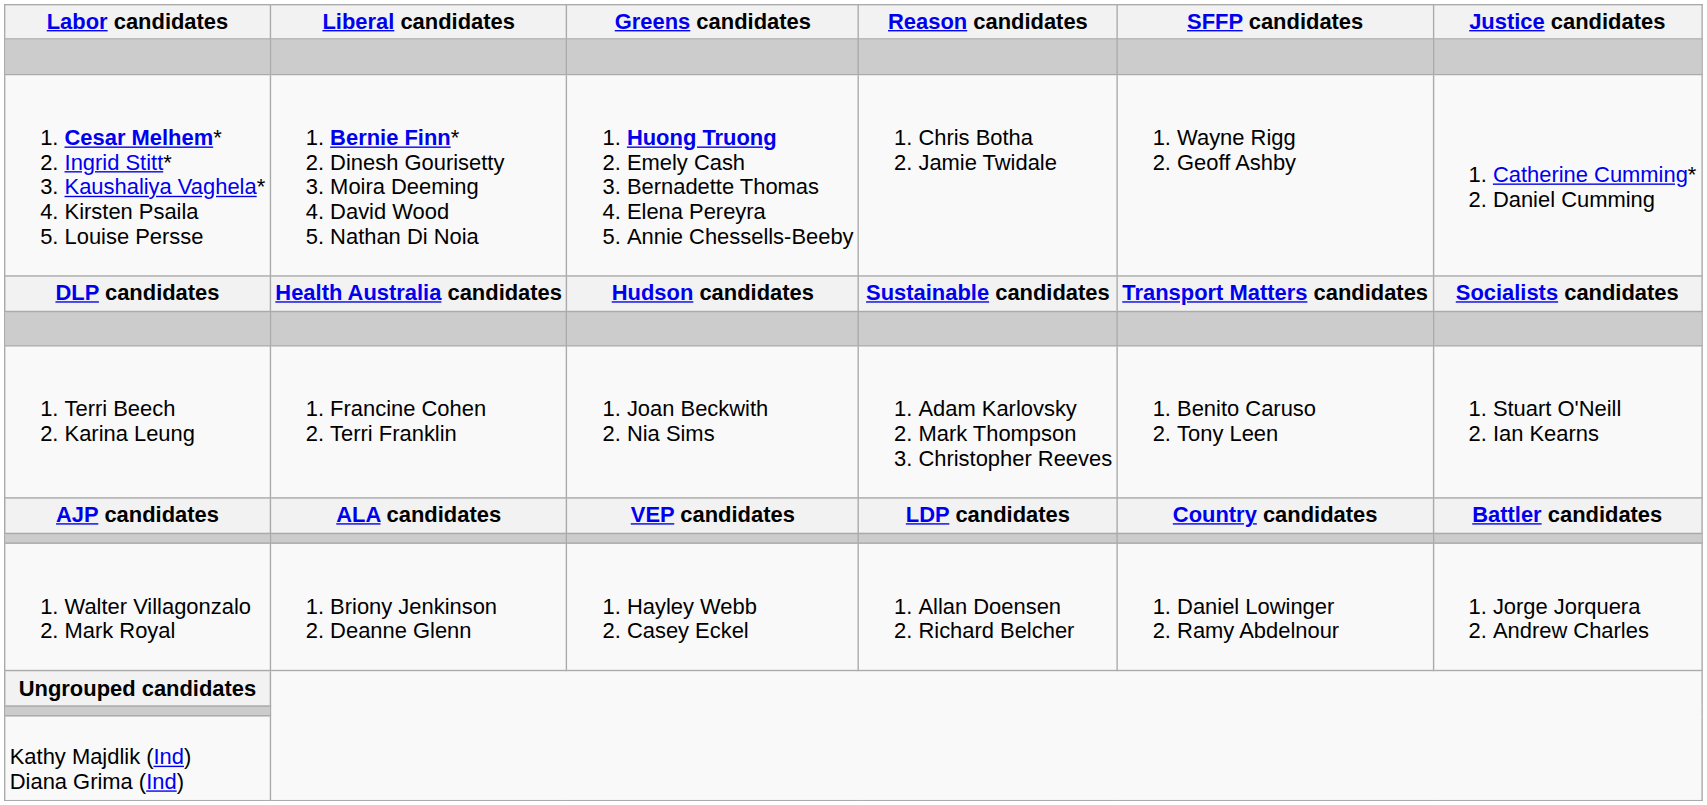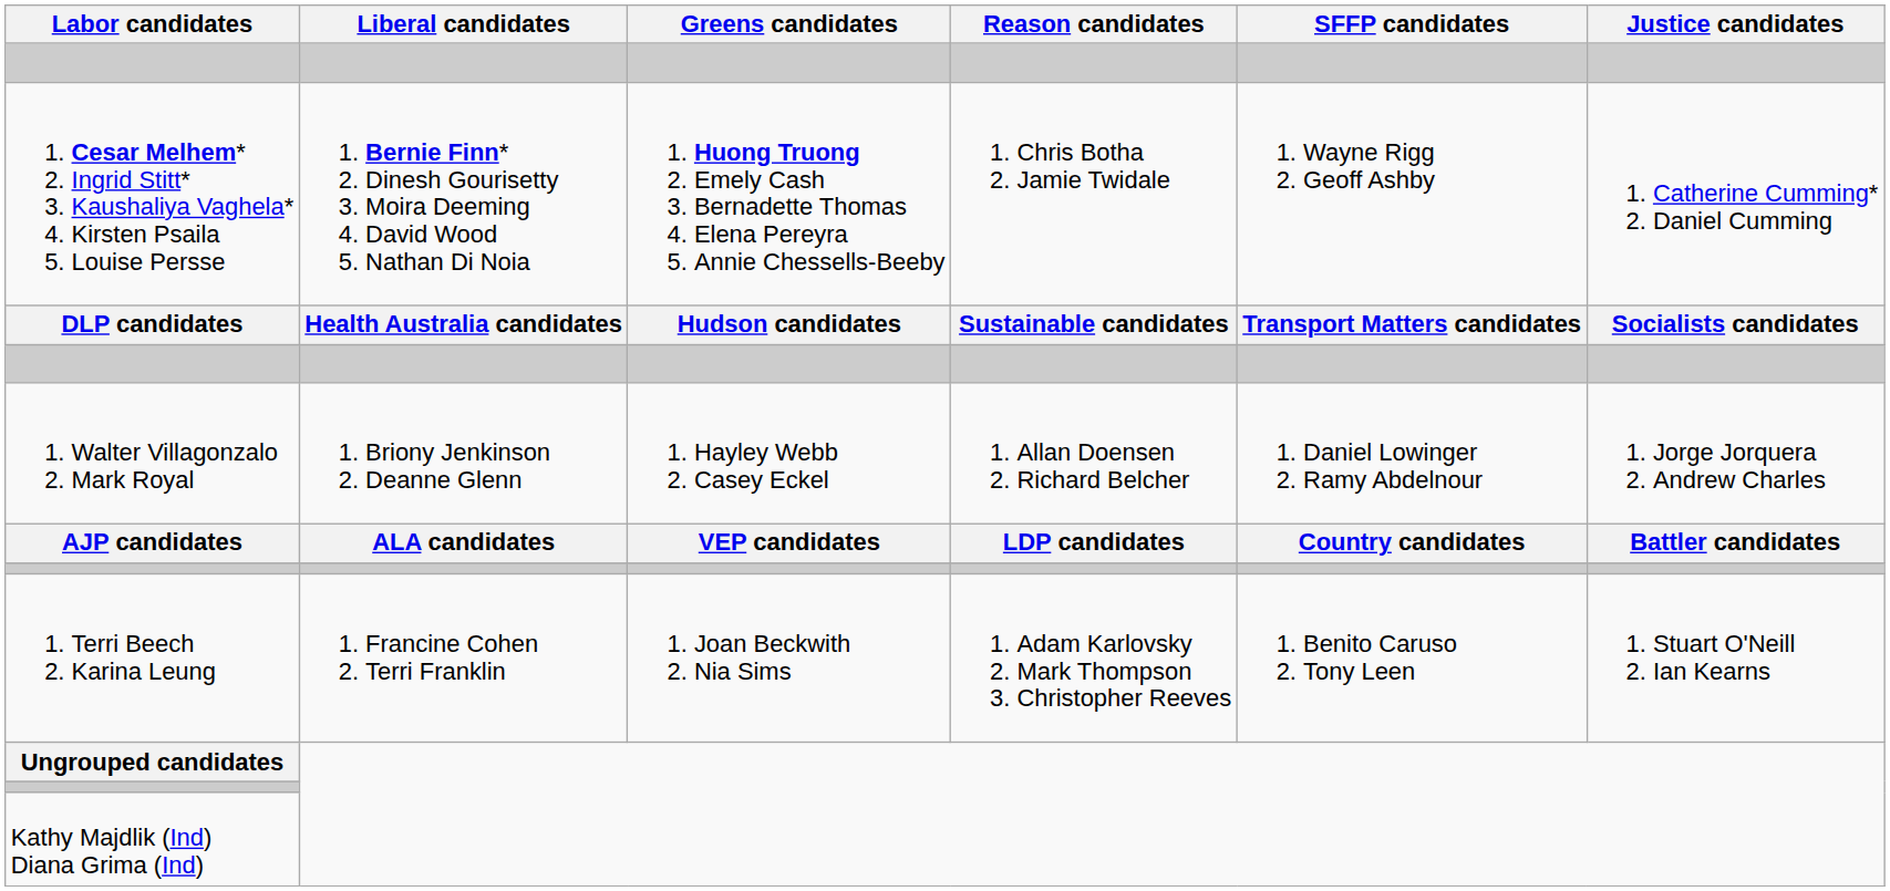 <table class="wikitable">
 <tr>
 <th><a href='#'>Labor</a> candidates</th>
 <th><a href='#'>Liberal</a> candidates</th>
 <th><a href='#'>Greens</a> candidates</th>
 <th><a href='#'>Reason</a> candidates</th>
 <th><a href='#'>SFFP</a> candidates</th>
 <th><a href='#'>Justice</a> candidates</th>
 </tr>
 <tr bgcolor="#cccccc">
 <td></td>
 <td></td>
 <td></td>
 <td></td>
 <td></td>
 <td> </td>
 </tr>
 <tr>
 <td><br><ol><li><strong><a href='#'>Cesar Melhem</a></strong>*</li><li><a href='#'>Ingrid Stitt</a>*</li><li><a href='#'>Kaushaliya Vaghela</a>*</li><li>Kirsten Psaila</li><li>Louise Persse</li></ol></td>
 <td><br><ol><li><strong><a href='#'>Bernie Finn</a></strong>*</li><li>Dinesh Gourisetty</li><li>Moira Deeming</li><li>David Wood</li><li>Nathan Di Noia</li></ol></td>
 <td valign=top><br><ol><li><strong><a href='#'>Huong Truong</a></strong></li><li>Emely Cash</li><li>Bernadette Thomas</li><li>Elena Pereyra</li><li>Annie Chessells-Beeby</li></ol></td>
 <td valign=top><br><ol><li>Chris Botha</li><li>Jamie Twidale</li></ol></td>
 <td valign=top><br><ol><li>Wayne Rigg</li><li>Geoff Ashby</li></ol></td>
 <td><br><ol><li><a href='#'>Catherine Cumming</a>*</li><li>Daniel Cumming</li></ol></td>
 </tr>
 <tr bgcolor="#cccccc">
 <th><a href='#'>DLP</a> candidates</th>
 <th><a href='#'>Health Australia</a> candidates</th>
 <th><a href='#'>Hudson</a> candidates</th>
 <th><a href='#'>Sustainable</a> candidates</th>
 <th><a href='#'>Transport Matters</a> candidates</th>
 <th><a href='#'>Socialists</a> candidates</th>
 </tr>
 <tr bgcolor="#cccccc">
 <td></td>
 <td></td>
 <td></td>
 <td></td>
 <td></td>
 <td> </td>
 </tr>
 <tr>
-<td valign=top><br><ol><li>Terri Beech</li><li>Karina Leung</li></ol></td>
-<td valign=top><br><ol><li>Francine Cohen</li><li>Terri Franklin</li></ol></td>
-<td valign=top><br><ol><li>Joan Beckwith</li><li>Nia Sims</li></ol></td>
-<td valign=top><br><ol><li>Adam Karlovsky</li><li>Mark Thompson</li><li>Christopher Reeves</li></ol></td>
-<td valign=top><br><ol><li>Benito Caruso</li><li>Tony Leen</li></ol></td>
-<td valign=top><br><ol><li>Stuart O'Neill</li><li>Ian Kearns</li></ol></td>
+<td valign=top><br><ol><li>Walter Villagonzalo</li><li>Mark Royal</li></ol></td>
+<td valign=top><br><ol><li>Briony Jenkinson</li><li>Deanne Glenn</li></ol></td>
+<td valign=top><br><ol><li>Hayley Webb</li><li>Casey Eckel</li></ol></td>
+<td valign=top><br><ol><li>Allan Doensen</li><li>Richard Belcher</li></ol></td>
+<td valign=top><br><ol><li>Daniel Lowinger</li><li>Ramy Abdelnour</li></ol></td>
+<td valign=top><br><ol><li>Jorge Jorquera</li><li>Andrew Charles</li></ol></td>
 </tr>
 <tr bgcolor="#cccccc">
 <th><a href='#'>AJP</a> candidates</th>
 <th><a href='#'>ALA</a> candidates</th>
 <th><a href='#'>VEP</a> candidates</th>
 <th><a href='#'>LDP</a> candidates</th>
 <th><a href='#'>Country</a> candidates</th>
 <th><a href='#'>Battler</a> candidates</th>
 </tr>
 <tr bgcolor="#cccccc">
 <td></td>
 <td></td>
 <td></td>
 <td></td>
 <td></td>
 <td></td>
 </tr>
 <tr>
-<td valign=top><br><ol><li>Walter Villagonzalo</li><li>Mark Royal</li></ol></td>
-<td valign=top><br><ol><li>Briony Jenkinson</li><li>Deanne Glenn</li></ol></td>
-<td valign=top><br><ol><li>Hayley Webb</li><li>Casey Eckel</li></ol></td>
-<td valign=top><br><ol><li>Allan Doensen</li><li>Richard Belcher</li></ol></td>
-<td valign=top><br><ol><li>Daniel Lowinger</li><li>Ramy Abdelnour</li></ol></td>
-<td valign=top><br><ol><li>Jorge Jorquera</li><li>Andrew Charles</li></ol></td>
+<td valign=top><br><ol><li>Terri Beech</li><li>Karina Leung</li></ol></td>
+<td valign=top><br><ol><li>Francine Cohen</li><li>Terri Franklin</li></ol></td>
+<td valign=top><br><ol><li>Joan Beckwith</li><li>Nia Sims</li></ol></td>
+<td valign=top><br><ol><li>Adam Karlovsky</li><li>Mark Thompson</li><li>Christopher Reeves</li></ol></td>
+<td valign=top><br><ol><li>Benito Caruso</li><li>Tony Leen</li></ol></td>
+<td valign=top><br><ol><li>Stuart O'Neill</li><li>Ian Kearns</li></ol></td>
 </tr>
 <tr bgcolor="#cccccc">
 <th>Ungrouped candidates</th>
 </tr>
 <tr bgcolor="#cccccc">
 <td></td>
 </tr>
 <tr>
 <td valign=top><br>Kathy Majdlik (<a href='#'>Ind</a>) <br> Diana Grima (<a href='#'>Ind</a>)</td>
 </tr>
 </table>
